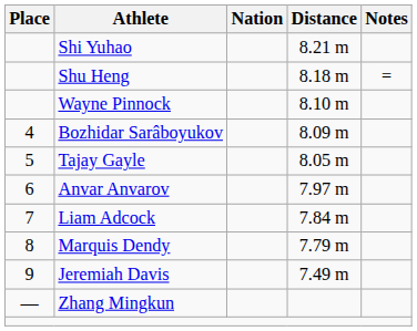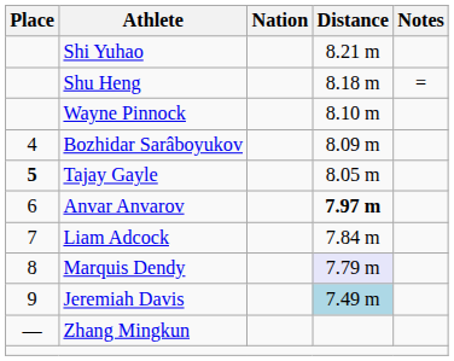 <table class="wikitable mw-datatable sortable" style="text-align:center;">
 <tr>
 <th scope="col">Place</th>
 <th scope="col">Athlete</th>
 <th scope="col">Nation</th>
 <th scope="col">Distance</th>
 <th scope="col">Notes</th>
 </tr>
 <tr>
 <td></td>
 <td align="left"><a href='#'>Shi Yuhao</a></td>
 <td align="left"></td>
 <td>8.21 m </td>
 <td></td>
 </tr>
 <tr>
 <td></td>
 <td align="left"><a href='#'>Shu Heng</a></td>
 <td align="left"></td>
 <td>8.18 m </td>
 <td>=</td>
 </tr>
 <tr>
 <td></td>
 <td align="left"><a href='#'>Wayne Pinnock</a></td>
 <td align="left"></td>
 <td>8.10 m </td>
 <td></td>
 </tr>
 <tr>
 <td>4</td>
 <td align="left"><a href='#'>Bozhidar Sarâboyukov</a></td>
 <td align="left"></td>
 <td>8.09 m </td>
 <td></td>
 </tr>
 <tr>
-<td>5</td>
+<td><strong>5</strong></td>
 <td align="left"><a href='#'>Tajay Gayle</a></td>
 <td align="left"></td>
 <td>8.05 m </td>
 <td></td>
 </tr>
 <tr>
 <td>6</td>
 <td align="left"><a href='#'>Anvar Anvarov</a></td>
 <td align="left"></td>
-<td>7.97 m </td>
+<td><strong>7.97 m </strong></td>
 <td></td>
 </tr>
 <tr>
 <td>7</td>
 <td align="left"><a href='#'>Liam Adcock</a></td>
 <td align="left"></td>
 <td>7.84 m </td>
 <td></td>
 </tr>
 <tr>
 <td>8</td>
 <td align="left"><a href='#'>Marquis Dendy</a></td>
 <td align="left"></td>
-<td>7.79 m </td>
+<td style="background: lavender;">7.79 m </td>
 <td></td>
 </tr>
 <tr>
 <td>9</td>
 <td align="left"><a href='#'>Jeremiah Davis</a></td>
 <td align="left"></td>
-<td>7.49 m </td>
+<td style="background: lightblue;">7.49 m </td>
 <td></td>
 </tr>
 <tr>
 <td>—</td>
 <td align="left"><a href='#'>Zhang Mingkun</a></td>
 <td align="left"></td>
 <td></td>
 <td></td>
 </tr>
 <tr class="sortbottom">
 <td colspan="5"></td>
 </tr>
 </table>
